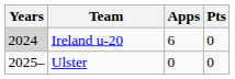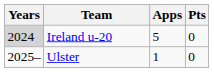 <table class="wikitable" style="text-align:left;">
 <tr>
 <th>Years</th>
 <th width=120px>Team</th>
 <th>Apps</th>
 <th>Pts</th>
 </tr>
 <tr>
 <td style="background: lightgrey;">2024</td>
 <td><a href='#'>Ireland u-20</a></td>
-<td>6</td>
+<td>5</td>
 <td>0</td>
 </tr>
 <tr>
 <td>2025–</td>
 <td><a href='#'>Ulster</a></td>
-<td>0</td>
+<td>1</td>
 <td>0</td>
 </tr>
 </table>
